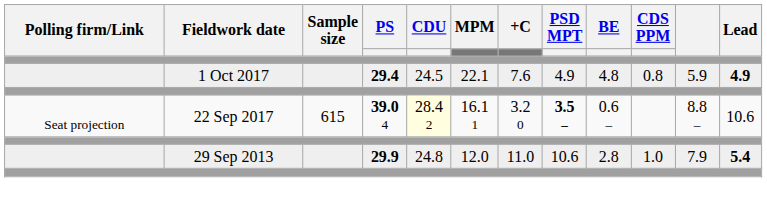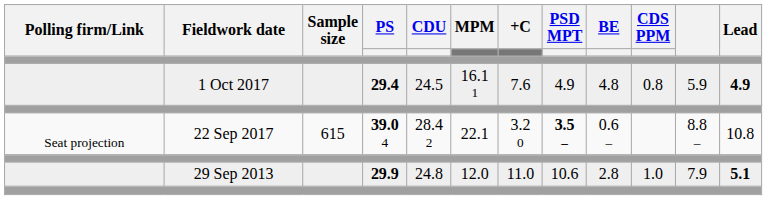 <table class="wikitable collapsible sortable" style="text-align:center; font-size:95%; line-height:16px;">
 <tr style="height:42px;">
 <th style="width:145px;" rowspan="2">Polling firm/Link</th>
 <th style="width:125px;" rowspan="2">Fieldwork date</th>
 <th class="unsortable" style="width:50px;" rowspan="2">Sample size</th>
 <th class="unsortable" style="width:35px;"><a href='#'>PS</a></th>
 <th class="unsortable" style="width:35px;"><a href='#'>CDU</a></th>
 <th class="unsortable" style="width:35px;">MPM</th>
 <th class="unsortable" style="width:35px;">+C</th>
 <th class="unsortable" style="width:35px;"><a href='#'>PSD</a><br><a href='#'>MPT</a></th>
 <th class="unsortable" style="width:35px;"><a href='#'>BE</a></th>
 <th class="unsortable" style="width:35px;"><a href='#'>CDS</a><br><a href='#'>PPM</a></th>
 <th class="unsortable" style="width:35px;" rowspan="2"></th>
 <th class="unsortable" style="width:30px;" rowspan="2">Lead</th>
 </tr>
 <tr>
 <th class="unsortable" style="color:inherit;background:"></th>
 <th class="unsortable" style="color:inherit;background:"></th>
 <th class="unsortable" style="color:inherit;background:#777777;"></th>
 <th class="unsortable" style="color:inherit;background:#777777;"></th>
 <th class="unsortable" style="color:inherit;background:"></th>
 <th class="unsortable" style="color:inherit;background:"></th>
 <th class="unsortable" style="color:inherit;background:"></th>
 </tr>
 <tr>
 <td colspan="13" style="background:#A0A0A0"></td>
 </tr>
 <tr style="background:#EFEFEF;">
 <td><strong></strong></td>
 <td data-sort-value="2019-10-06">1 Oct 2017</td>
 <td></td>
 <td><strong>29.4</strong><br></td>
 <td>24.5<br></td>
-<td>22.1<br></td>
+<td align="center">16.1<br><small>1</small></td>
 <td>7.6<br></td>
 <td>4.9<br></td>
 <td>4.8<br></td>
 <td>0.8<br></td>
 <td>5.9</td>
 <td style="background:"><strong>4.9</strong></td>
 </tr>
 <tr>
 <td colspan="13" style="background:#A0A0A0"></td>
 </tr>
 <tr>
 <td align="center"><br><small>Seat projection</small></td>
 <td align="center">22 Sep 2017</td>
 <td>615</td>
 <td align="center" ><strong>39.0</strong><br><small>4</small></td>
-<td align="center" style="background: lightyellow;">28.4<br><small>2</small></td>
-<td align="center">16.1<br><small>1</small></td>
+<td align="center">28.4<br><small>2</small></td>
+<td>22.1<br></td>
 <td align="center">3.2<br><small>0</small></td>
 <td align="center"><strong>3.5<br><small>–</small></strong></td>
 <td align="center">0.6<br><small>–</small></td>
 <td></td>
 <td align="center">8.8<br><small>–</small></td>
-<td style="background:">10.6</td>
+<td style="background:">10.8</td>
 </tr>
 <tr>
 <td colspan="13" style="background:#A0A0A0"></td>
 </tr>
 <tr style="background:#EFEFEF;">
 <td><strong></strong></td>
 <td data-sort-value="2019-10-06">29 Sep 2013</td>
 <td></td>
 <td><strong>29.9</strong><br></td>
 <td>24.8<br></td>
 <td>12.0<br></td>
 <td>11.0<br></td>
 <td>10.6<br></td>
 <td>2.8<br></td>
 <td>1.0<br></td>
 <td>7.9</td>
-<td style="background:"><strong>5.4</strong></td>
+<td style="background:"><strong>5.1</strong></td>
 </tr>
 <tr>
 <td colspan="13" style="background:#A0A0A0"></td>
 </tr>
 </table>
